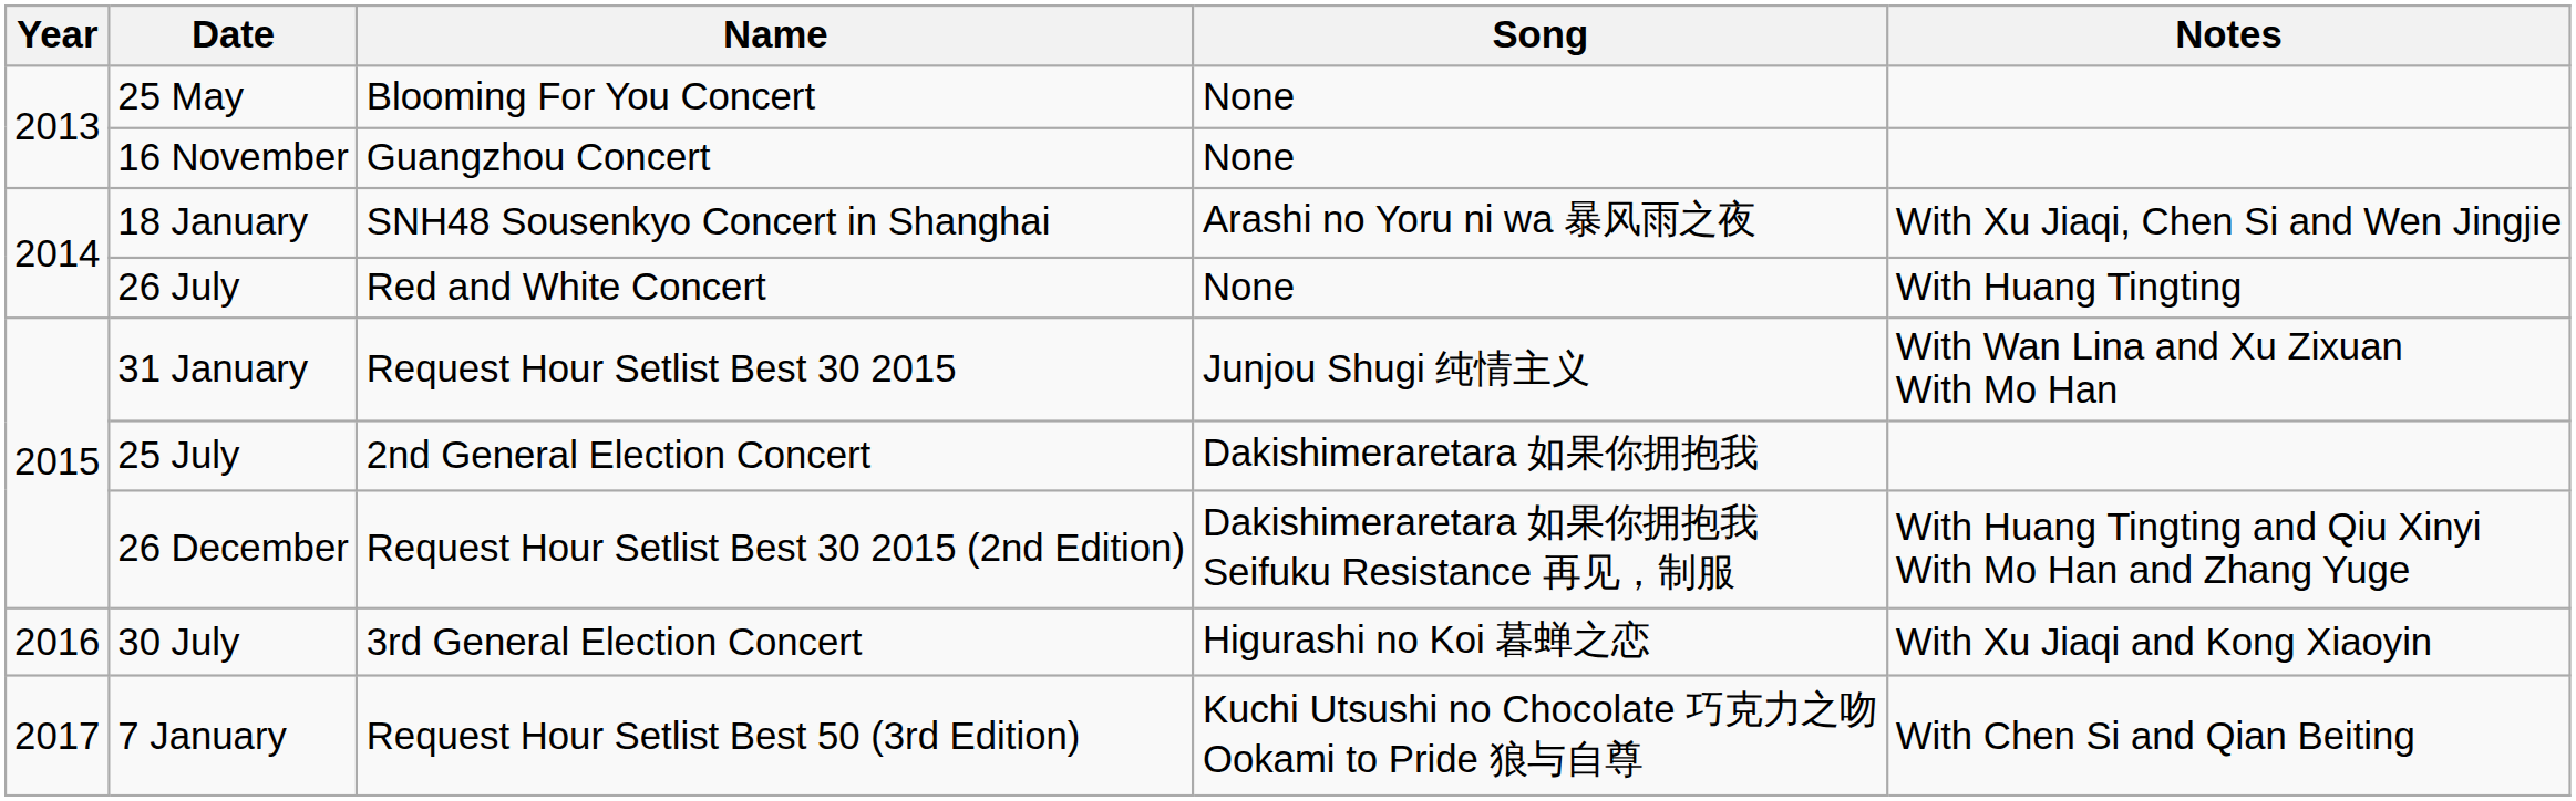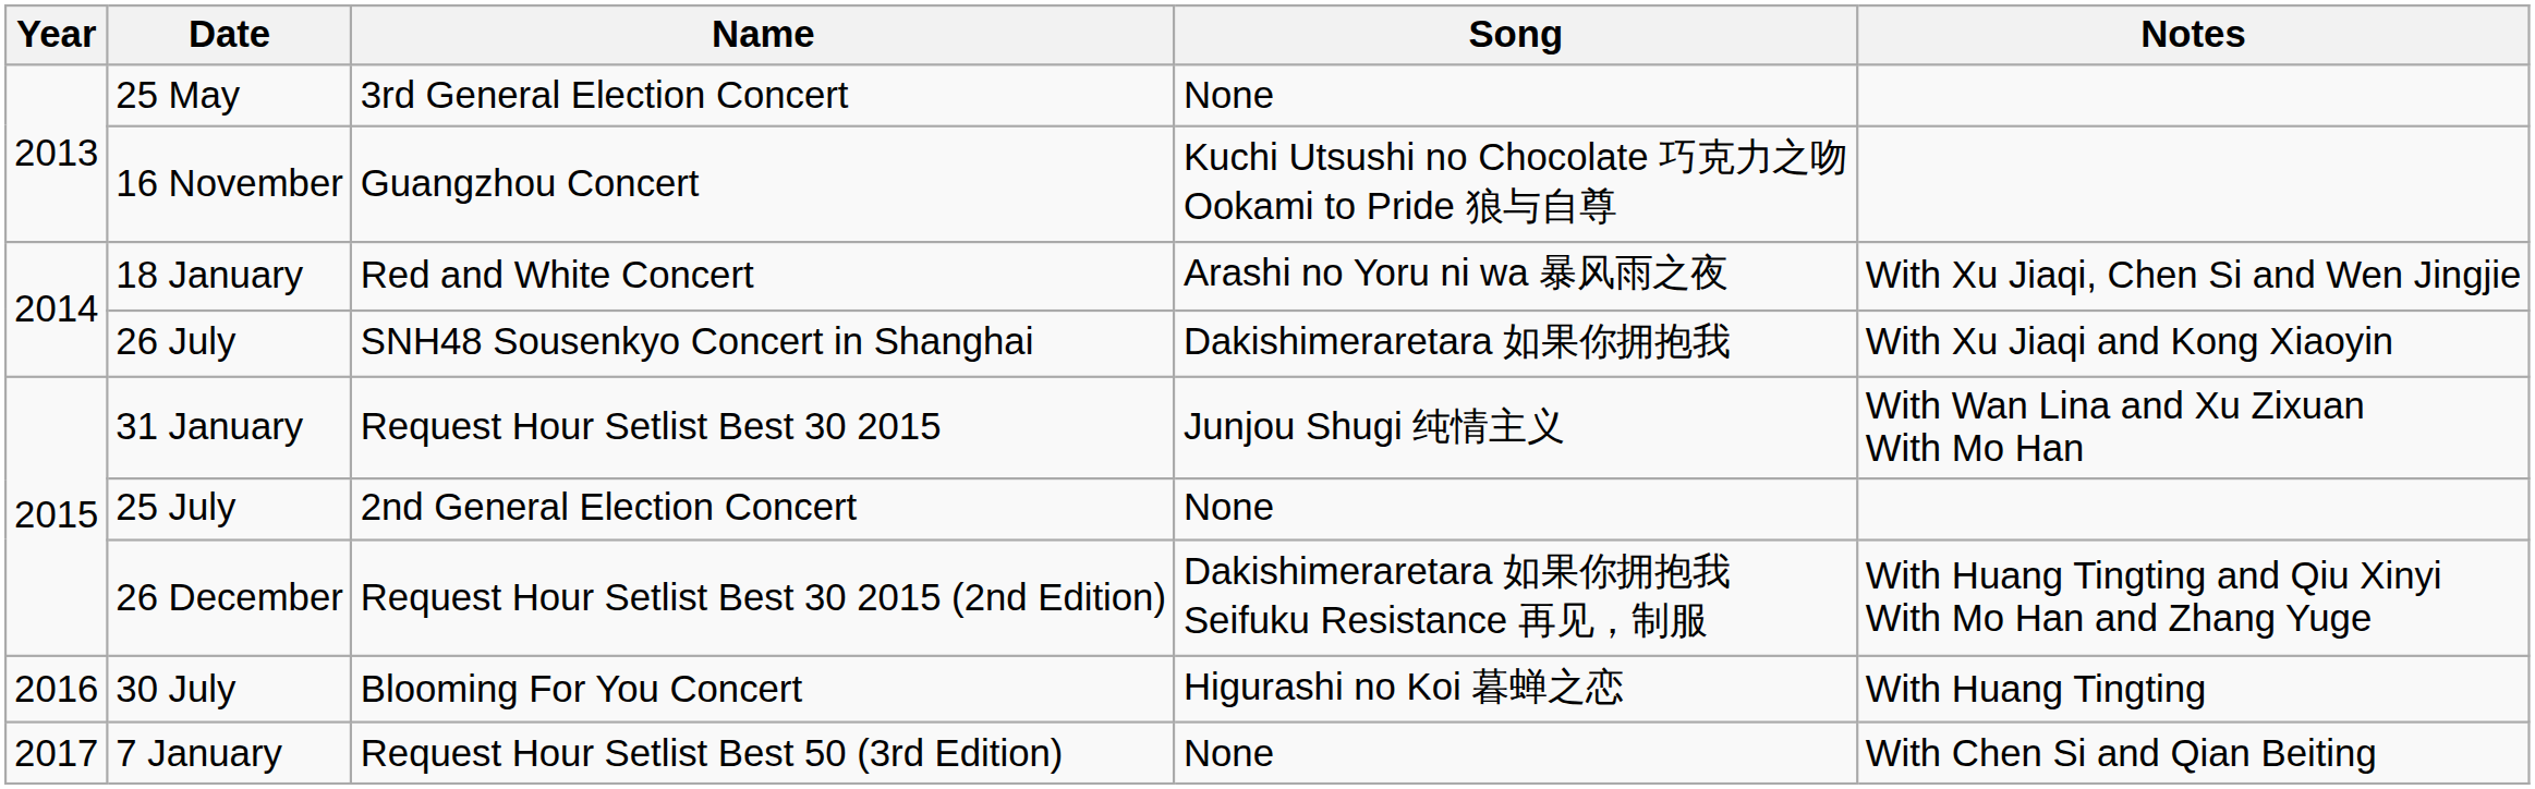 <table class="wikitable">
 <tr>
 <th>Year</th>
 <th>Date</th>
 <th>Name</th>
 <th>Song</th>
 <th>Notes</th>
 </tr>
 <tr>
 <td rowspan="2">2013</td>
 <td>25 May</td>
-<td>Blooming For You Concert</td>
+<td>3rd General Election Concert</td>
 <td>None</td>
 <td></td>
 </tr>
 <tr>
 <td>16 November</td>
 <td>Guangzhou Concert</td>
-<td>None</td>
+<td>Kuchi Utsushi no Chocolate 巧克力之吻 <br> Ookami to Pride 狼与自尊</td>
 <td></td>
 </tr>
 <tr>
 <td rowspan="2">2014</td>
 <td>18 January</td>
-<td>SNH48 Sousenkyo Concert in Shanghai</td>
+<td>Red and White Concert</td>
 <td>Arashi no Yoru ni wa 暴风雨之夜</td>
 <td>With Xu Jiaqi, Chen Si and Wen Jingjie</td>
 </tr>
 <tr>
 <td>26 July</td>
-<td>Red and White Concert</td>
-<td>None</td>
-<td>With Huang Tingting</td>
+<td>SNH48 Sousenkyo Concert in Shanghai</td>
+<td>Dakishimeraretara 如果你拥抱我</td>
+<td>With Xu Jiaqi and Kong Xiaoyin</td>
 </tr>
 <tr>
 <td rowspan="3">2015</td>
 <td>31 January</td>
 <td>Request Hour Setlist Best 30 2015</td>
 <td>Junjou Shugi 纯情主义</td>
 <td>With Wan Lina and Xu Zixuan <br> With Mo Han</td>
 </tr>
 <tr>
 <td>25 July</td>
 <td>2nd General Election Concert</td>
-<td>Dakishimeraretara 如果你拥抱我</td>
+<td>None</td>
 <td></td>
 </tr>
 <tr>
 <td>26 December</td>
 <td>Request Hour Setlist Best 30 2015 (2nd Edition)</td>
 <td>Dakishimeraretara 如果你拥抱我 <br> Seifuku Resistance 再见，制服</td>
 <td>With Huang Tingting and Qiu Xinyi <br> With Mo Han and Zhang Yuge</td>
 </tr>
 <tr>
 <td>2016</td>
 <td>30 July</td>
-<td>3rd General Election Concert</td>
+<td>Blooming For You Concert</td>
 <td>Higurashi no Koi 暮蝉之恋</td>
-<td>With Xu Jiaqi and Kong Xiaoyin</td>
+<td>With Huang Tingting</td>
 </tr>
 <tr>
 <td>2017</td>
 <td>7 January</td>
 <td>Request Hour Setlist Best 50 (3rd Edition)</td>
-<td>Kuchi Utsushi no Chocolate 巧克力之吻 <br> Ookami to Pride 狼与自尊</td>
+<td>None</td>
 <td>With Chen Si and Qian Beiting</td>
 </tr>
 </table>
